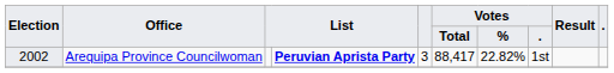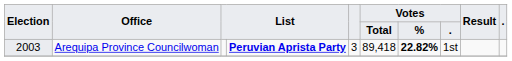 <table class="wikitable" style="font-size:90%; text-align:center;">
 <tr>
 <th style="background-color:#EAECF0;" rowspan=2>Election</th>
 <th style="background-color:#EAECF0;" rowspan=2>Office</th>
 <th style="background-color:#EAECF0;" colspan=2 rowspan=2>List</th>
 <th style="background-color:#EAECF0;" rowspan=2></th>
 <th style="background-color:#EAECF0;" colspan=3>Votes</th>
 <th style="background-color:#EAECF0;" rowspan=2>Result</th>
 <th style="background-color:#EAECF0;" rowspan=2>.</th>
 </tr>
 <tr>
 <th style="background-color:#EAECF0;">Total</th>
 <th style="background-color:#EAECF0;">%</th>
 <th style="background-color:#EAECF0;">.</th>
 </tr>
 <tr>
-<td style="background-color:#EAECF0;">2002</td>
+<td style="background-color:#EAECF0;">2003</td>
 <td><a href='#'>Arequipa Province Councilwoman</a></td>
 <td style="background-color:"></td>
 <td><strong><a href='#'>Peruvian Aprista Party</a></strong></td>
 <td>3</td>
-<td>88,417</td>
-<td>22.82%</td>
+<td>89,418</td>
+<td><strong>22.82%</strong></td>
 <td>1st</td>
 <td></td>
 <td></td>
 </tr>
 <tr>
 </tr>
 </table>
